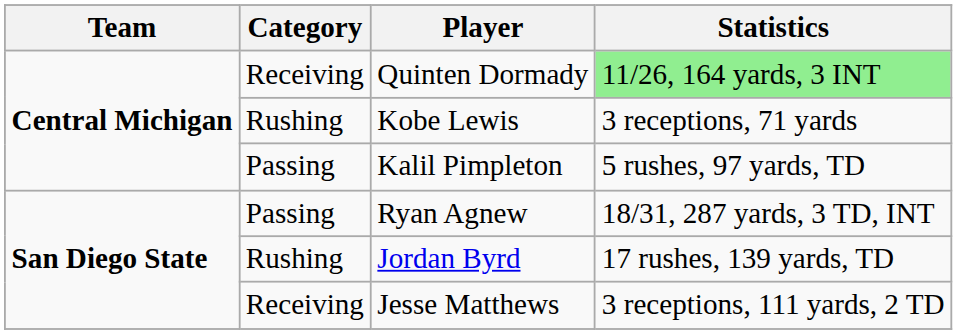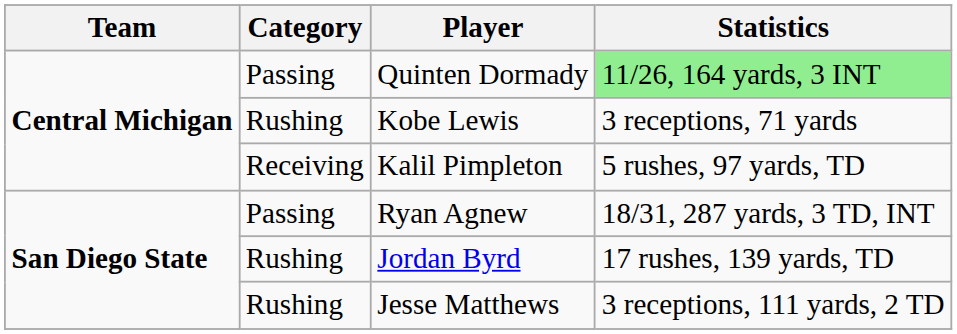 <table class="wikitable" style="float: left;">
 <tr>
 <th>Team</th>
 <th>Category</th>
 <th>Player</th>
 <th>Statistics</th>
 </tr>
 <tr>
 <td rowspan=3><strong>Central Michigan</strong></td>
-<td>Receiving</td>
+<td>Passing</td>
 <td>Quinten Dormady</td>
 <td style="background: lightgreen;">11/26, 164 yards, 3 INT</td>
 </tr>
 <tr>
 <td>Rushing</td>
 <td>Kobe Lewis</td>
 <td>3 receptions, 71 yards</td>
 </tr>
 <tr>
-<td>Passing</td>
+<td>Receiving</td>
 <td>Kalil Pimpleton</td>
 <td>5 rushes, 97 yards, TD</td>
 </tr>
 <tr>
 <td rowspan=3><strong>San Diego State</strong></td>
 <td>Passing</td>
 <td>Ryan Agnew</td>
 <td>18/31, 287 yards, 3 TD, INT</td>
 </tr>
 <tr>
 <td>Rushing</td>
 <td><a href='#'>Jordan Byrd</a></td>
 <td>17 rushes, 139 yards, TD</td>
 </tr>
 <tr>
-<td>Receiving</td>
+<td>Rushing</td>
 <td>Jesse Matthews</td>
 <td>3 receptions, 111 yards, 2 TD</td>
 </tr>
 </table>
